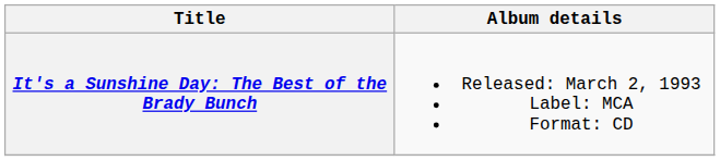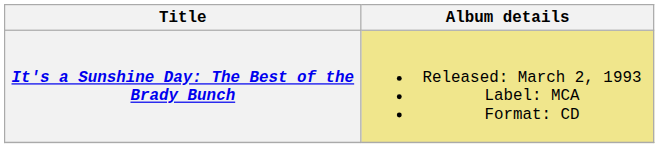 <table class="wikitable plainrowheaders" style="text-align:center;">
 <tr>
 <th scope="col" style="width:22em;">Title</th>
 <th scope="col" style="width:18em;">Album details</th>
 </tr>
 <tr>
 <th scope="row"><em><a href='#'>It's a Sunshine Day: The Best of the Brady Bunch</a></em></th>
-<td><br><ul><li>Released: March 2, 1993</li><li>Label: MCA </li><li>Format: CD</li></ul></td>
+<td style="background: khaki;"><br><ul><li>Released: March 2, 1993</li><li>Label: MCA </li><li>Format: CD</li></ul></td>
 </tr>
 <tr>
 </tr>
 </table>
